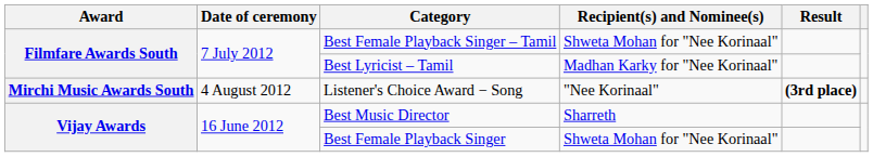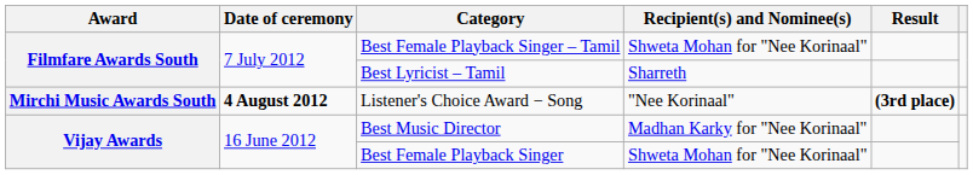 <table class="wikitable plainrowheaders sortable">
 <tr>
 <th scope="col">Award</th>
 <th scope="col">Date of ceremony</th>
 <th scope="col">Category</th>
 <th scope="col">Recipient(s) and Nominee(s)</th>
 <th scope="col">Result</th>
 <th scope="col" class="unsortable"></th>
 </tr>
 <tr>
 <th rowspan="2" scope="row"><a href='#'>Filmfare Awards South</a></th>
 <td rowspan="2"><a href='#'>7 July 2012</a></td>
 <td><a href='#'>Best Female Playback Singer – Tamil</a></td>
 <td><a href='#'>Shweta Mohan</a> for "Nee Korinaal"</td>
 <td></td>
 <td rowspan="2" style="text-align:center;"><br></td>
 </tr>
 <tr>
 <td><a href='#'>Best Lyricist – Tamil</a></td>
-<td><a href='#'>Madhan Karky</a> for "Nee Korinaal"</td>
+<td><a href='#'>Sharreth</a></td>
 <td></td>
 </tr>
 <tr>
 <th scope="row"><a href='#'>Mirchi Music Awards South</a></th>
-<td>4 August 2012</td>
+<td><strong>4 August 2012</strong></td>
 <td>Listener's Choice Award − Song</td>
 <td>"Nee Korinaal"</td>
 <td><strong> (3rd place)</strong></td>
 <td style="text-align:center;"></td>
 </tr>
 <tr>
 <th rowspan="2" scope="row"><a href='#'>Vijay Awards</a></th>
 <td rowspan="2"><a href='#'>16 June 2012</a></td>
 <td><a href='#'>Best Music Director</a></td>
-<td><a href='#'>Sharreth</a></td>
+<td><a href='#'>Madhan Karky</a> for "Nee Korinaal"</td>
 <td></td>
 <td rowspan="2" style="text-align:center;"><br></td>
 </tr>
 <tr>
 <td><a href='#'>Best Female Playback Singer</a></td>
 <td><a href='#'>Shweta Mohan</a> for "Nee Korinaal"</td>
 <td></td>
 </tr>
 </table>
